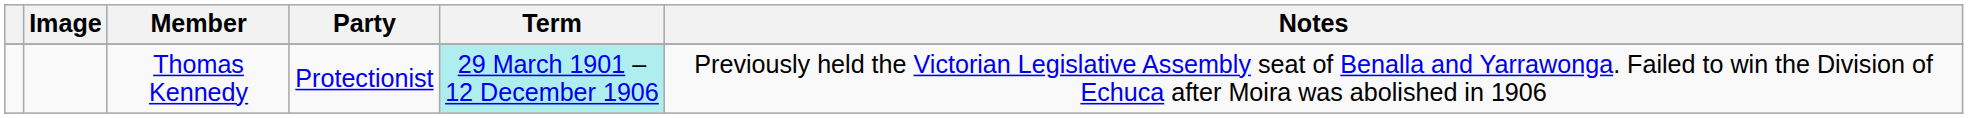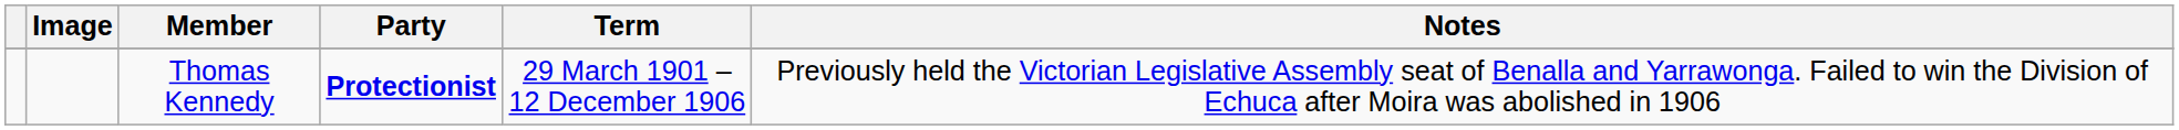 <table class=wikitable style="text-align:center">
 <tr>
 <th></th>
 <th>Image</th>
 <th>Member</th>
 <th>Party</th>
 <th>Term</th>
 <th>Notes</th>
 </tr>
 <tr>
 </tr>
 <tr>
 <td> </td>
 <td></td>
 <td><a href='#'>Thomas Kennedy</a><br></td>
-<td><a href='#'>Protectionist</a></td>
-<td nowrap style="background: paleturquoise;"><a href='#'>29 March 1901</a> –<br><a href='#'>12 December 1906</a></td>
+<td><strong><a href='#'>Protectionist</a></strong></td>
+<td nowrap><a href='#'>29 March 1901</a> –<br><a href='#'>12 December 1906</a></td>
 <td>Previously held the <a href='#'>Victorian Legislative Assembly</a> seat of <a href='#'>Benalla and Yarrawonga</a>. Failed to win the Division of <a href='#'>Echuca</a> after Moira was abolished in 1906</td>
 </tr>
 </table>
